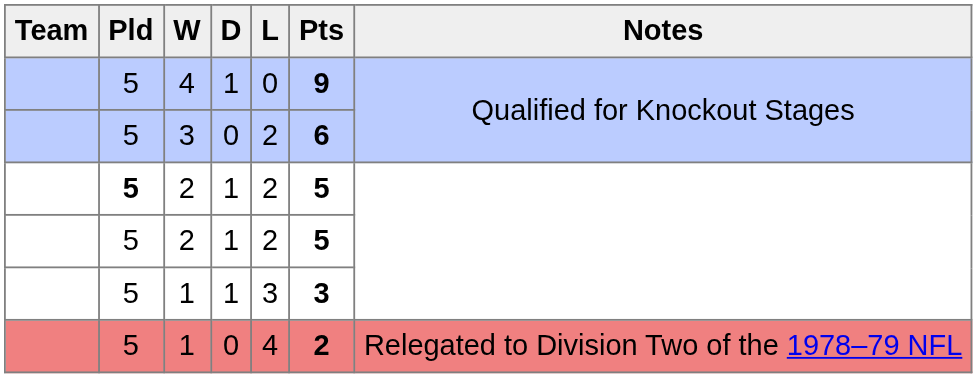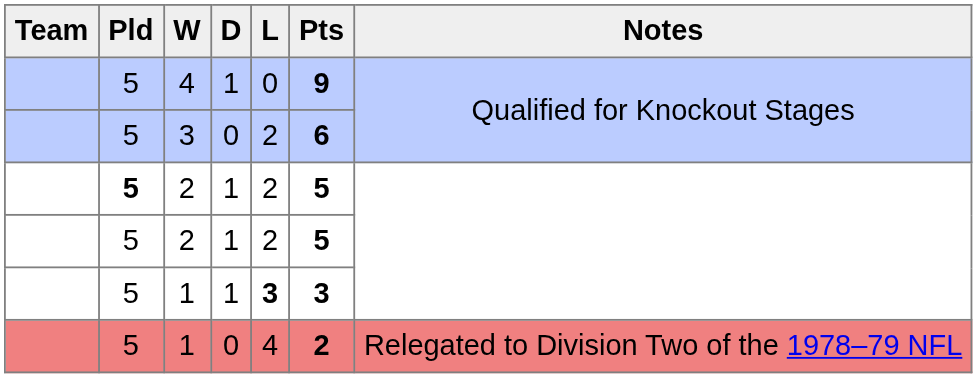 <table style=border-collapse:collapse border=1 cellspacing=0 cellpadding=5>
 <tr align=center bgcolor=#efefef>
 <th>Team</th>
 <th>Pld</th>
 <th>W</th>
 <th>D</th>
 <th>L</th>
 <th>Pts</th>
 <th>Notes</th>
 </tr>
 <tr align=center style="background:#bbccff;">
 <td style="text-align:left;"> </td>
 <td>5</td>
 <td>4</td>
 <td>1</td>
 <td>0</td>
 <td><strong>9</strong></td>
 <td rowspan=2>Qualified for Knockout Stages</td>
 </tr>
 <tr align=center style="background:#bbccff;">
 <td style="text-align:left;"> </td>
 <td>5</td>
 <td>3</td>
 <td>0</td>
 <td>2</td>
 <td><strong>6</strong></td>
 </tr>
 <tr align=center style="background:#FFFFFF;">
 <td style="text-align:left;"> </td>
 <td><strong>5</strong></td>
 <td>2</td>
 <td>1</td>
 <td>2</td>
 <td><strong>5</strong></td>
 <td rowspan=3></td>
 </tr>
 <tr align=center style="background:#FFFFFF;">
 <td style="text-align:left;"> </td>
 <td>5</td>
 <td>2</td>
 <td>1</td>
 <td>2</td>
 <td><strong>5</strong></td>
 </tr>
 <tr align=center style="background:#FFFFFF;">
 <td style="text-align:left;"> </td>
 <td>5</td>
 <td>1</td>
 <td>1</td>
-<td>3</td>
+<td><strong>3</strong></td>
 <td><strong>3</strong></td>
 </tr>
 <tr align=center style="background:#F08080">
 <td style="text-align:left;"> </td>
 <td>5</td>
 <td>1</td>
 <td>0</td>
 <td>4</td>
 <td><strong>2</strong></td>
 <td rowspan=1>Relegated to Division Two of the <a href='#'>1978–79 NFL</a></td>
 </tr>
 </table>
